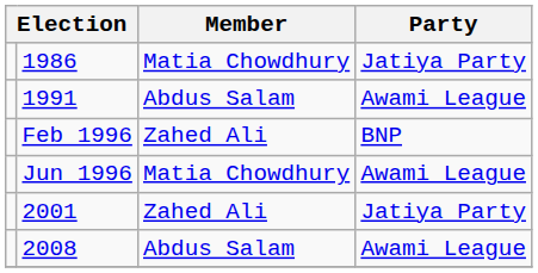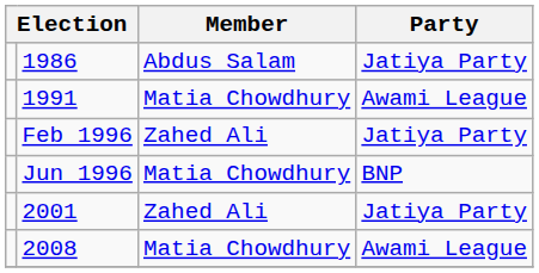 <table class="wikitable">
 <tr>
 <th colspan="2">Election</th>
 <th>Member</th>
 <th>Party</th>
 </tr>
 <tr>
 <td style="background-color:"></td>
 <td><a href='#'>1986</a></td>
-<td><a href='#'>Matia Chowdhury</a></td>
+<td><a href='#'>Abdus Salam</a></td>
 <td><a href='#'>Jatiya Party</a></td>
 </tr>
 <tr>
 <td style="background-color:"></td>
 <td><a href='#'>1991</a></td>
-<td><a href='#'>Abdus Salam</a></td>
+<td><a href='#'>Matia Chowdhury</a></td>
 <td><a href='#'>Awami League</a></td>
 </tr>
 <tr>
 <td style="background-color:"></td>
 <td><a href='#'>Feb 1996</a></td>
 <td><a href='#'>Zahed Ali</a></td>
-<td><a href='#'>BNP</a></td>
+<td><a href='#'>Jatiya Party</a></td>
 </tr>
 <tr>
 <td style="background-color:"></td>
 <td><a href='#'>Jun 1996</a></td>
 <td><a href='#'>Matia Chowdhury</a></td>
-<td><a href='#'>Awami League</a></td>
+<td><a href='#'>BNP</a></td>
 </tr>
 <tr>
 <td style="background-color:"></td>
 <td><a href='#'>2001</a></td>
 <td><a href='#'>Zahed Ali</a></td>
 <td><a href='#'>Jatiya Party</a></td>
 </tr>
 <tr>
 <td style="background-color:"></td>
 <td><a href='#'>2008</a></td>
-<td><a href='#'>Abdus Salam</a></td>
+<td><a href='#'>Matia Chowdhury</a></td>
 <td><a href='#'>Awami League</a></td>
 </tr>
 <tr>
 </tr>
 </table>
